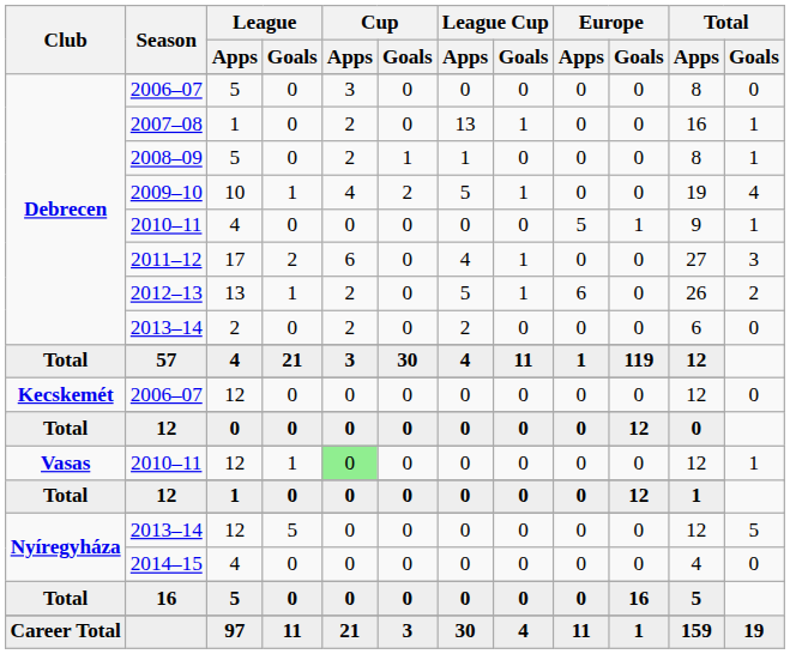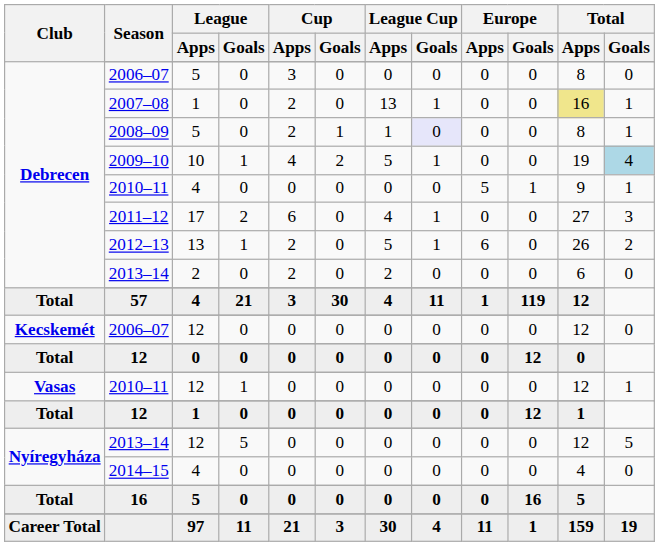 <table class="wikitable" style="font-size:90%; text-align: center;">
 <tr>
 <th rowspan="2">Club</th>
 <th rowspan="2">Season</th>
 <th colspan="2">League</th>
 <th colspan="2">Cup</th>
 <th colspan="2">League Cup</th>
 <th colspan="2">Europe</th>
 <th colspan="2">Total</th>
 </tr>
 <tr>
 <th>Apps</th>
 <th>Goals</th>
 <th>Apps</th>
 <th>Goals</th>
 <th>Apps</th>
 <th>Goals</th>
 <th>Apps</th>
 <th>Goals</th>
 <th>Apps</th>
 <th>Goals</th>
 </tr>
 <tr ||-||-||-|->
 <td rowspan="10" valign="center"><strong><a href='#'>Debrecen</a></strong></td>
 </tr>
 <tr>
 <td><a href='#'>2006–07</a></td>
 <td>5</td>
 <td>0</td>
 <td>3</td>
 <td>0</td>
 <td>0</td>
 <td>0</td>
 <td>0</td>
 <td>0</td>
 <td>8</td>
 <td>0</td>
 </tr>
 <tr>
 <td><a href='#'>2007–08</a></td>
 <td>1</td>
 <td>0</td>
 <td>2</td>
 <td>0</td>
 <td>13</td>
 <td>1</td>
 <td>0</td>
 <td>0</td>
-<td>16</td>
+<td style="background: khaki;">16</td>
 <td>1</td>
 </tr>
 <tr>
 <td><a href='#'>2008–09</a></td>
 <td>5</td>
 <td>0</td>
 <td>2</td>
 <td>1</td>
 <td>1</td>
-<td>0</td>
+<td style="background: lavender;">0</td>
 <td>0</td>
 <td>0</td>
 <td>8</td>
 <td>1</td>
 </tr>
 <tr>
 <td><a href='#'>2009–10</a></td>
 <td>10</td>
 <td>1</td>
 <td>4</td>
 <td>2</td>
 <td>5</td>
 <td>1</td>
 <td>0</td>
 <td>0</td>
 <td>19</td>
-<td>4</td>
+<td style="background: lightblue;">4</td>
 </tr>
 <tr>
 <td><a href='#'>2010–11</a></td>
 <td>4</td>
 <td>0</td>
 <td>0</td>
 <td>0</td>
 <td>0</td>
 <td>0</td>
 <td>5</td>
 <td>1</td>
 <td>9</td>
 <td>1</td>
 </tr>
 <tr>
 <td><a href='#'>2011–12</a></td>
 <td>17</td>
 <td>2</td>
 <td>6</td>
 <td>0</td>
 <td>4</td>
 <td>1</td>
 <td>0</td>
 <td>0</td>
 <td>27</td>
 <td>3</td>
 </tr>
 <tr>
 <td><a href='#'>2012–13</a></td>
 <td>13</td>
 <td>1</td>
 <td>2</td>
 <td>0</td>
 <td>5</td>
 <td>1</td>
 <td>6</td>
 <td>0</td>
 <td>26</td>
 <td>2</td>
 </tr>
 <tr>
 <td><a href='#'>2013–14</a></td>
 <td>2</td>
 <td>0</td>
 <td>2</td>
 <td>0</td>
 <td>2</td>
 <td>0</td>
 <td>0</td>
 <td>0</td>
 <td>6</td>
 <td>0</td>
 </tr>
 <tr>
 </tr>
 <tr style="font-weight:bold; background-color:#eeeeee;">
 <td>Total</td>
 <td>57</td>
 <td>4</td>
 <td>21</td>
 <td>3</td>
 <td>30</td>
 <td>4</td>
 <td>11</td>
 <td>1</td>
 <td>119</td>
 <td>12</td>
 </tr>
 <tr>
 <td rowspan="3" valign="center"><strong><a href='#'>Kecskemét</a></strong></td>
 </tr>
 <tr>
 <td><a href='#'>2006–07</a></td>
 <td>12</td>
 <td>0</td>
 <td>0</td>
 <td>0</td>
 <td>0</td>
 <td>0</td>
 <td>0</td>
 <td>0</td>
 <td>12</td>
 <td>0</td>
 </tr>
 <tr>
 </tr>
 <tr style="font-weight:bold; background-color:#eeeeee;">
 <td>Total</td>
 <td>12</td>
 <td>0</td>
 <td>0</td>
 <td>0</td>
 <td>0</td>
 <td>0</td>
 <td>0</td>
 <td>0</td>
 <td>12</td>
 <td>0</td>
 </tr>
 <tr>
 <td rowspan="3" valign="center"><strong><a href='#'>Vasas</a></strong></td>
 </tr>
 <tr>
 <td><a href='#'>2010–11</a></td>
 <td>12</td>
 <td>1</td>
-<td style="background: lightgreen;">0</td>
+<td>0</td>
 <td>0</td>
 <td>0</td>
 <td>0</td>
 <td>0</td>
 <td>0</td>
 <td>12</td>
 <td>1</td>
 </tr>
 <tr>
 </tr>
 <tr style="font-weight:bold; background-color:#eeeeee;">
 <td>Total</td>
 <td>12</td>
 <td>1</td>
 <td>0</td>
 <td>0</td>
 <td>0</td>
 <td>0</td>
 <td>0</td>
 <td>0</td>
 <td>12</td>
 <td>1</td>
 </tr>
 <tr>
 <td rowspan="4" valign="center"><strong><a href='#'>Nyíregyháza</a></strong></td>
 </tr>
 <tr>
 <td><a href='#'>2013–14</a></td>
 <td>12</td>
 <td>5</td>
 <td>0</td>
 <td>0</td>
 <td>0</td>
 <td>0</td>
 <td>0</td>
 <td>0</td>
 <td>12</td>
 <td>5</td>
 </tr>
 <tr>
 <td><a href='#'>2014–15</a></td>
 <td>4</td>
 <td>0</td>
 <td>0</td>
 <td>0</td>
 <td>0</td>
 <td>0</td>
 <td>0</td>
 <td>0</td>
 <td>4</td>
 <td>0</td>
 </tr>
 <tr>
 </tr>
 <tr style="font-weight:bold; background-color:#eeeeee;">
 <td>Total</td>
 <td>16</td>
 <td>5</td>
 <td>0</td>
 <td>0</td>
 <td>0</td>
 <td>0</td>
 <td>0</td>
 <td>0</td>
 <td>16</td>
 <td>5</td>
 </tr>
 <tr>
 </tr>
 <tr style="font-weight:bold; background-color:#eeeeee;">
 <td rowspan="2" valign="top"><strong>Career Total</strong></td>
 <td></td>
 <td><strong>97</strong></td>
 <td><strong>11</strong></td>
 <td><strong>21</strong></td>
 <td><strong>3</strong></td>
 <td><strong>30</strong></td>
 <td><strong>4</strong></td>
 <td><strong>11</strong></td>
 <td><strong>1</strong></td>
 <td><strong>159</strong></td>
 <td><strong>19</strong></td>
 </tr>
 </table>
